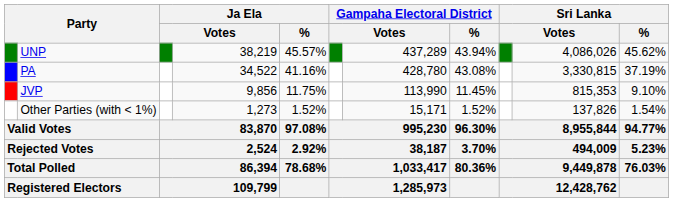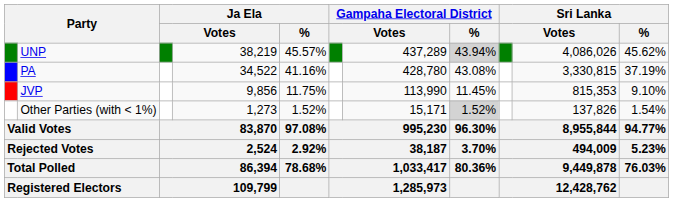 <table class="wikitable">
 <tr>
 <th colspan="2" width="144px"rowspan="2">Party</th>
 <th colspan="3" width="216px">Ja Ela</th>
 <th colspan="3" width="216px"><a href='#'>Gampaha Electoral District</a></th>
 <th colspan="3" width="216px">Sri Lanka</th>
 </tr>
 <tr>
 <th colspan="2" width="144px">Votes</th>
 <th>%</th>
 <th colspan="2" width="144px">Votes</th>
 <th>%</th>
 <th colspan="2" width="144px">Votes</th>
 <th>%</th>
 </tr>
 <tr>
 <td style="background-color:green;" width="10px"></td>
 <td style="text-align:left;"><a href='#'>UNP</a></td>
 <td style="background-color:green;" width="10px"></td>
 <td style="text-align:right;">38,219</td>
 <td style="text-align:right;">45.57%</td>
 <td style="background-color:green;" width="10px"></td>
 <td style="text-align:right;">437,289</td>
-<td style="text-align:right;">43.94%</td>
+<td style="background: lightgrey; text-align:right;">43.94%</td>
 <td style="background-color:green;" width="10px"></td>
 <td style="text-align:right;">4,086,026</td>
 <td style="text-align:right;">45.62%</td>
 </tr>
 <tr>
 <td style="background-color:blue;" width="10px"></td>
 <td style="text-align:left;"><a href='#'>PA</a></td>
 <td style="background-color:white;" width="10px"></td>
 <td style="text-align:right;">34,522</td>
 <td style="text-align:right;">41.16%</td>
 <td style="background-color:white;" width="10px"></td>
 <td style="text-align:right;">428,780</td>
 <td style="text-align:right;">43.08%</td>
 <td style="background-color:white;" width="10px"></td>
 <td style="text-align:right;">3,330,815</td>
 <td style="text-align:right;">37.19%</td>
 </tr>
 <tr>
 <td style="background-color:red;" width="10px"></td>
 <td style="text-align:left;"><a href='#'>JVP</a></td>
 <td style="background-color:white;" width="10px"></td>
 <td style="text-align:right;">9,856</td>
 <td style="text-align:right;">11.75%</td>
 <td style="background-color:white;" width="10px"></td>
 <td style="text-align:right;">113,990</td>
 <td style="text-align:right;">11.45%</td>
 <td style="background-color:white;" width="10px"></td>
 <td style="text-align:right;">815,353</td>
 <td style="text-align:right;">9.10%</td>
 </tr>
 <tr>
 <td style="background-color:white;" width="10px"></td>
 <td style="text-align:left;">Other Parties (with < 1%)</td>
 <td style="background-color:white;" width="10px"></td>
 <td style="text-align:right;">1,273</td>
 <td style="text-align:right;">1.52%</td>
 <td style="background-color:white;" width="10px"></td>
 <td style="text-align:right;">15,171</td>
-<td style="text-align:right;">1.52%</td>
+<td style="background: lightgrey; text-align:right;">1.52%</td>
 <td style="background-color:white;" width="10px"></td>
 <td style="text-align:right;">137,826</td>
 <td style="text-align:right;">1.54%</td>
 </tr>
 <tr>
 <th colspan="2" width="144px"style="text-align:left;">Valid Votes</th>
 <th style="text-align:right;"colspan="2" width="144px">83,870</th>
 <th style="text-align:right;">97.08%</th>
 <th style="text-align:right;"colspan="2" width="144px">995,230</th>
 <th style="text-align:right;">96.30%</th>
 <th style="text-align:right;"colspan="2" width="144px">8,955,844</th>
 <th style="text-align:right;">94.77%</th>
 </tr>
 <tr>
 <th colspan="2" width="144px"style="text-align:left;">Rejected Votes</th>
 <th style="text-align:right;"colspan="2" width="144px">2,524</th>
 <th style="text-align:right;">2.92%</th>
 <th style="text-align:right;"colspan="2" width="144px">38,187</th>
 <th style="text-align:right;">3.70%</th>
 <th style="text-align:right;"colspan="2" width="144px">494,009</th>
 <th style="text-align:right;">5.23%</th>
 </tr>
 <tr>
 <th colspan="2" width="144px"style="text-align:left;">Total Polled</th>
 <th style="text-align:right;"colspan="2" width="144px">86,394</th>
 <th style="text-align:right;">78.68%</th>
 <th style="text-align:right;"colspan="2" width="144px">1,033,417</th>
 <th style="text-align:right;">80.36%</th>
 <th style="text-align:right;"colspan="2" width="144px">9,449,878</th>
 <th style="text-align:right;">76.03%</th>
 </tr>
 <tr>
 <th colspan="2" width="144px"style="text-align:left;">Registered Electors</th>
 <th style="text-align:right;"colspan="2" width="144px">109,799</th>
 <th></th>
 <th style="text-align:right;"colspan="2" width="144px">1,285,973</th>
 <th></th>
 <th style="text-align:right;"colspan="2" width="144px">12,428,762</th>
 <th></th>
 </tr>
 </table>
